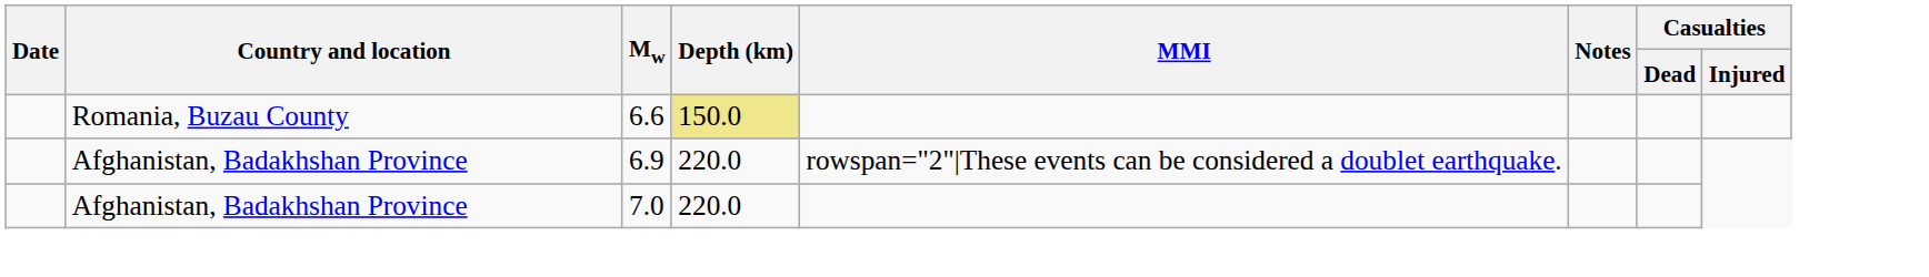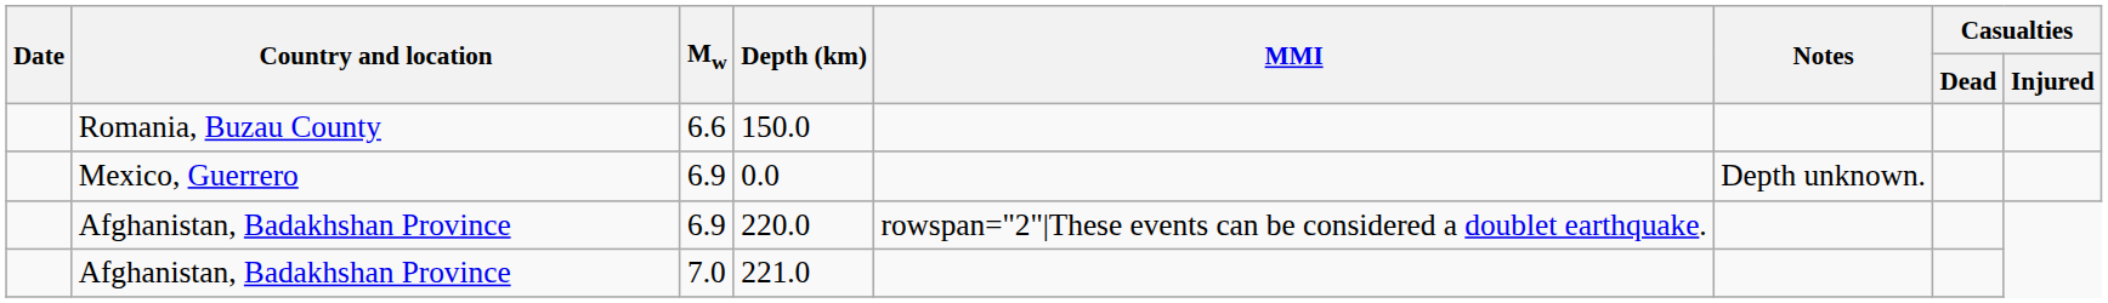 <table class="wikitable sortable sort-under" style="border:1px black; margin-left:1em;">
 <tr>
 <th rowspan="2"><small>Date</small></th>
 <th rowspan="2" style="width: 310px"><small>Country and location</small></th>
 <th rowspan="2"><small>M<sub>w</sub></small></th>
 <th rowspan="2"><small>Depth (km)</small></th>
 <th rowspan="2"><small><a href='#'>MMI</a></small></th>
 <th rowspan="2" class="unsortable"><small>Notes</small></th>
 <th colspan="2"><small>Casualties</small></th>
 </tr>
 <tr>
 <th><small>Dead</small></th>
 <th><small>Injured</small></th>
 </tr>
 <tr>
 <td></td>
 <td>Romania, <a href='#'>Buzau County</a></td>
 <td>6.6</td>
-<td style="background: khaki;">150.0</td>
+<td>150.0</td>
 <td></td>
 <td></td>
+<td></td>
+<td></td>
+</tr>
+<tr>
+<td></td>
+<td>Mexico, <a href='#'>Guerrero</a></td>
+<td>6.9</td>
+<td>0.0</td>
+<td></td>
+<td>Depth unknown.</td>
 <td></td>
 <td></td>
 </tr>
 <tr>
 <td></td>
 <td>Afghanistan, <a href='#'>Badakhshan Province</a></td>
 <td>6.9</td>
 <td>220.0</td>
 <td>rowspan="2"|These events can be considered a <a href='#'>doublet earthquake</a>.</td>
 <td></td>
 <td></td>
 </tr>
 <tr>
 <td></td>
 <td>Afghanistan, <a href='#'>Badakhshan Province</a></td>
 <td>7.0</td>
-<td>220.0</td>
+<td>221.0</td>
 <td></td>
 <td></td>
 <td></td>
 </tr>
 </table>
